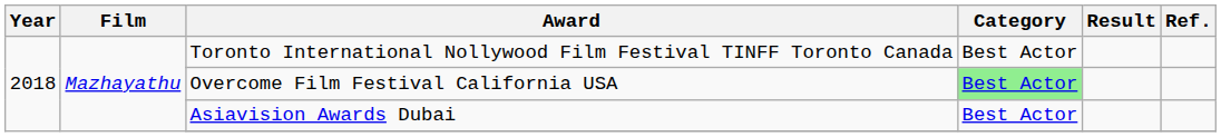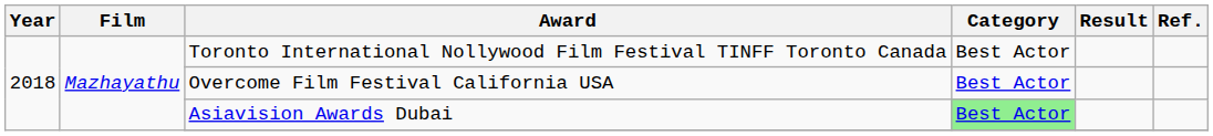 <table class="wikitable">
 <tr>
 <th>Year</th>
 <th>Film</th>
 <th>Award</th>
 <th>Category</th>
 <th>Result</th>
 <th>Ref.</th>
 </tr>
 <tr>
 <td rowspan="5">2018</td>
 <td rowspan="5"><em><a href='#'>Mazhayathu</a></em></td>
 <td>Toronto International Nollywood Film Festival TINFF Toronto Canada</td>
 <td>Best Actor</td>
 <td></td>
 <td></td>
 </tr>
 <tr>
 <td>Overcome Film Festival California USA</td>
-<td style="background: lightgreen;"><a href='#'>Best Actor</a></td>
+<td><a href='#'>Best Actor</a></td>
 <td></td>
 <td></td>
 </tr>
 <tr>
 <td><a href='#'>Asiavision Awards</a> Dubai</td>
-<td><a href='#'>Best Actor</a></td>
+<td style="background: lightgreen;"><a href='#'>Best Actor</a></td>
 <td></td>
 <td></td>
 </tr>
 <tr>
 </tr>
 </table>
